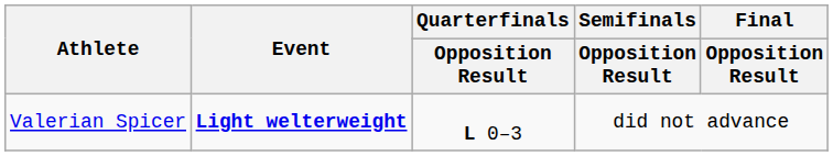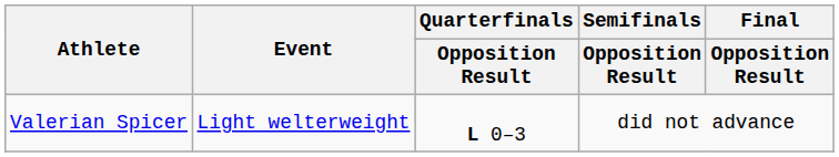 <table class="wikitable" border="1" style="font-size:90%">
 <tr>
 <th rowspan=2>Athlete</th>
 <th rowspan=2>Event</th>
 <th>Quarterfinals</th>
 <th>Semifinals</th>
 <th>Final</th>
 </tr>
 <tr>
 <th>Opposition<br>Result</th>
 <th>Opposition<br>Result</th>
 <th>Opposition<br>Result</th>
 </tr>
 <tr align="center">
 <td><a href='#'>Valerian Spicer</a></td>
-<td align="left"><strong><a href='#'>Light welterweight</a></strong></td>
+<td align="left"><a href='#'>Light welterweight</a></td>
 <td align=center><br><strong>L</strong> 0–3</td>
 <td align=center colspan=2>did not advance</td>
 </tr>
 </table>
